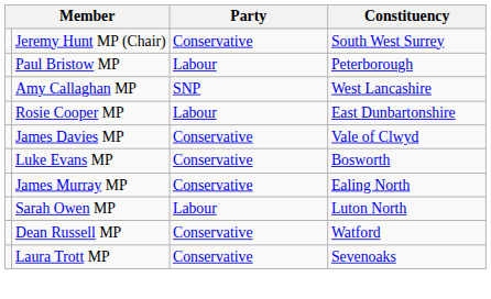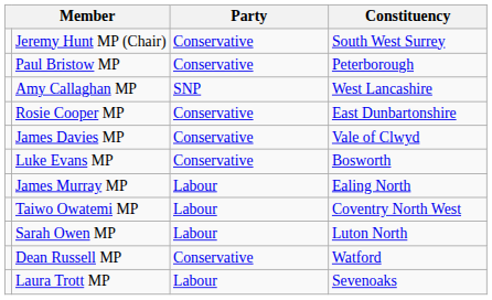 <table class="wikitable">
 <tr>
 <th colspan="2" width="160px" valign="top">Member</th>
 <th width="160px" valign="top">Party</th>
 <th width="160px" valign="top">Constituency</th>
 </tr>
 <tr>
 <td style="color:inherit;background:"></td>
 <td><a href='#'>Jeremy Hunt</a> MP (Chair)</td>
 <td><a href='#'>Conservative</a></td>
 <td><a href='#'>South West Surrey</a></td>
 </tr>
 <tr>
 <td style="color:inherit;background:"></td>
 <td><a href='#'>Paul Bristow</a> MP</td>
-<td><a href='#'>Labour</a></td>
+<td><a href='#'>Conservative</a></td>
 <td><a href='#'>Peterborough</a></td>
 </tr>
 <tr>
 <td style="color:inherit;background:"></td>
 <td><a href='#'>Amy Callaghan</a> MP</td>
 <td><a href='#'>SNP</a></td>
 <td><a href='#'>West Lancashire</a></td>
 </tr>
 <tr>
 <td style="color:inherit;background:"></td>
 <td><a href='#'>Rosie Cooper</a> MP</td>
-<td><a href='#'>Labour</a></td>
+<td><a href='#'>Conservative</a></td>
 <td><a href='#'>East Dunbartonshire</a></td>
 </tr>
 <tr>
 <td style="color:inherit;background:"></td>
 <td><a href='#'>James Davies</a> MP</td>
 <td><a href='#'>Conservative</a></td>
 <td><a href='#'>Vale of Clwyd</a></td>
 </tr>
 <tr>
 <td style="color:inherit;background:"></td>
 <td><a href='#'>Luke Evans</a> MP</td>
 <td><a href='#'>Conservative</a></td>
 <td><a href='#'>Bosworth</a></td>
 </tr>
 <tr>
 <td style="color:inherit;background:"></td>
 <td><a href='#'>James Murray</a> MP</td>
-<td><a href='#'>Conservative</a></td>
+<td><a href='#'>Labour</a></td>
 <td><a href='#'>Ealing North</a></td>
+</tr>
+<tr>
+<td style="color:inherit;background:"></td>
+<td><a href='#'>Taiwo Owatemi</a> MP</td>
+<td><a href='#'>Labour</a></td>
+<td><a href='#'>Coventry North West</a></td>
 </tr>
 <tr>
 <td style="color:inherit;background:"></td>
 <td><a href='#'>Sarah Owen</a> MP</td>
 <td><a href='#'>Labour</a></td>
 <td><a href='#'>Luton North</a></td>
 </tr>
 <tr>
 <td style="color:inherit;background:"></td>
 <td><a href='#'>Dean Russell</a> MP</td>
 <td><a href='#'>Conservative</a></td>
 <td><a href='#'>Watford</a></td>
 </tr>
 <tr>
 <td style="color:inherit;background:"></td>
 <td><a href='#'>Laura Trott</a> MP</td>
-<td><a href='#'>Conservative</a></td>
+<td><a href='#'>Labour</a></td>
 <td><a href='#'>Sevenoaks</a></td>
 </tr>
 </table>
